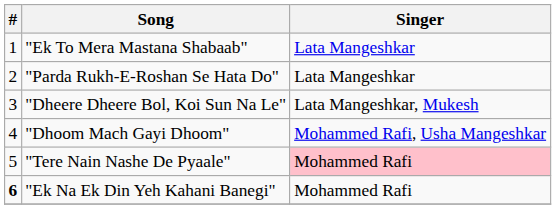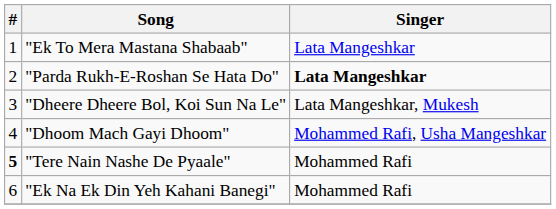 <table class="wikitable" style="font-size:95%;">
 <tr>
 <th>#</th>
 <th>Song</th>
 <th>Singer</th>
 </tr>
 <tr>
 <td>1</td>
 <td>"Ek To Mera Mastana Shabaab"</td>
 <td><a href='#'>Lata Mangeshkar</a></td>
 </tr>
 <tr>
 <td>2</td>
 <td>"Parda Rukh-E-Roshan Se Hata Do"</td>
-<td>Lata Mangeshkar</td>
+<td><strong>Lata Mangeshkar</strong></td>
 </tr>
 <tr>
 <td>3</td>
 <td>"Dheere Dheere Bol, Koi Sun Na Le"</td>
 <td>Lata Mangeshkar, <a href='#'>Mukesh</a></td>
 </tr>
 <tr>
 <td>4</td>
 <td>"Dhoom Mach Gayi Dhoom"</td>
 <td><a href='#'>Mohammed Rafi</a>, <a href='#'>Usha Mangeshkar</a></td>
 </tr>
 <tr>
-<td>5</td>
+<td><strong>5</strong></td>
 <td>"Tere Nain Nashe De Pyaale"</td>
-<td style="background: pink;">Mohammed Rafi</td>
+<td>Mohammed Rafi</td>
 </tr>
 <tr>
-<td><strong>6</strong></td>
+<td>6</td>
 <td>"Ek Na Ek Din Yeh Kahani Banegi"</td>
 <td>Mohammed Rafi</td>
 </tr>
 <tr>
 </tr>
 </table>
